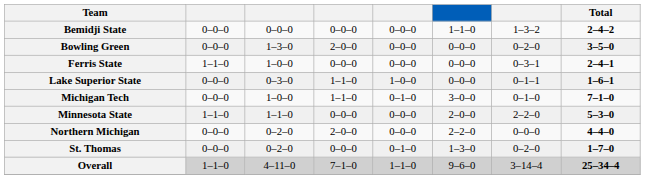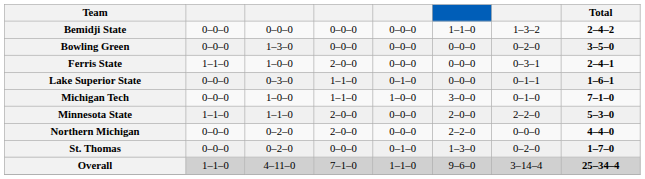 <table class="wikitable" style="text-align: center; "width=60%">
 <tr>
 <th>Team</th>
 <th><a href='#'></a></th>
 <th><a href='#'></a></th>
 <th><a href='#'></a></th>
 <th><a href='#'></a></th>
 <th style="color:white; background:#005EB8"><a href='#'></a></th>
 <th><a href='#'></a></th>
 <th>Total</th>
 </tr>
 <tr>
 <th>Bemidji State</th>
 <td>0–0–0</td>
 <td>0–0–0</td>
 <td>0–0–0</td>
 <td>0–0–0</td>
 <td>1–1–0</td>
 <td>1–3–2</td>
 <td><strong>2–4–2</strong></td>
 </tr>
 <tr bgcolor=f0f0f0>
 <th>Bowling Green</th>
 <td>0–0–0</td>
 <td>1–3–0</td>
-<td>2–0–0</td>
+<td>0–0–0</td>
 <td>0–0–0</td>
 <td>0–0–0</td>
 <td>0–2–0</td>
 <td><strong>3–5–0</strong></td>
 </tr>
 <tr>
 <th>Ferris State</th>
 <td>1–1–0</td>
 <td>1–0–0</td>
-<td>0–0–0</td>
+<td>2–0–0</td>
 <td>0–0–0</td>
 <td>0–0–0</td>
 <td>0–3–1</td>
 <td><strong>2–4–1</strong></td>
 </tr>
 <tr bgcolor=f0f0f0>
 <th>Lake Superior State</th>
 <td>0–0–0</td>
 <td>0–3–0</td>
 <td>1–1–0</td>
-<td>1–0–0</td>
+<td>0–1–0</td>
 <td>0–0–0</td>
 <td>0–1–1</td>
 <td><strong>1–6–1</strong></td>
 </tr>
 <tr>
 <th>Michigan Tech</th>
 <td>0–0–0</td>
 <td>1–0–0</td>
 <td>1–1–0</td>
-<td>0–1–0</td>
+<td>1–0–0</td>
 <td>3–0–0</td>
 <td>0–1–0</td>
 <td><strong>7–1–0</strong></td>
 </tr>
 <tr bgcolor=f0f0f0>
 <th>Minnesota State</th>
 <td>1–1–0</td>
 <td>1–1–0</td>
-<td>0–0–0</td>
+<td>2–0–0</td>
 <td>0–0–0</td>
 <td>2–0–0</td>
 <td>2–2–0</td>
 <td><strong>5–3–0</strong></td>
 </tr>
 <tr>
 <th>Northern Michigan</th>
 <td>0–0–0</td>
 <td>0–2–0</td>
 <td>2–0–0</td>
 <td>0–0–0</td>
 <td>2–2–0</td>
 <td>0–0–0</td>
 <td><strong>4–4–0</strong></td>
 </tr>
 <tr bgcolor=f0f0f0>
 <th>St. Thomas</th>
 <td>0–0–0</td>
 <td>0–2–0</td>
 <td>0–0–0</td>
 <td>0–1–0</td>
 <td>1–3–0</td>
 <td>0–2–0</td>
 <td><strong>1–7–0</strong></td>
 </tr>
 <tr bgcolor=d0d0d0>
 <th>Overall</th>
 <td>1–1–0</td>
 <td>4–11–0</td>
 <td>7–1–0</td>
 <td>1–1–0</td>
 <td>9–6–0</td>
 <td>3–14–4</td>
 <td><strong>25–34–4</strong></td>
 </tr>
 <tr>
 </tr>
 </table>
